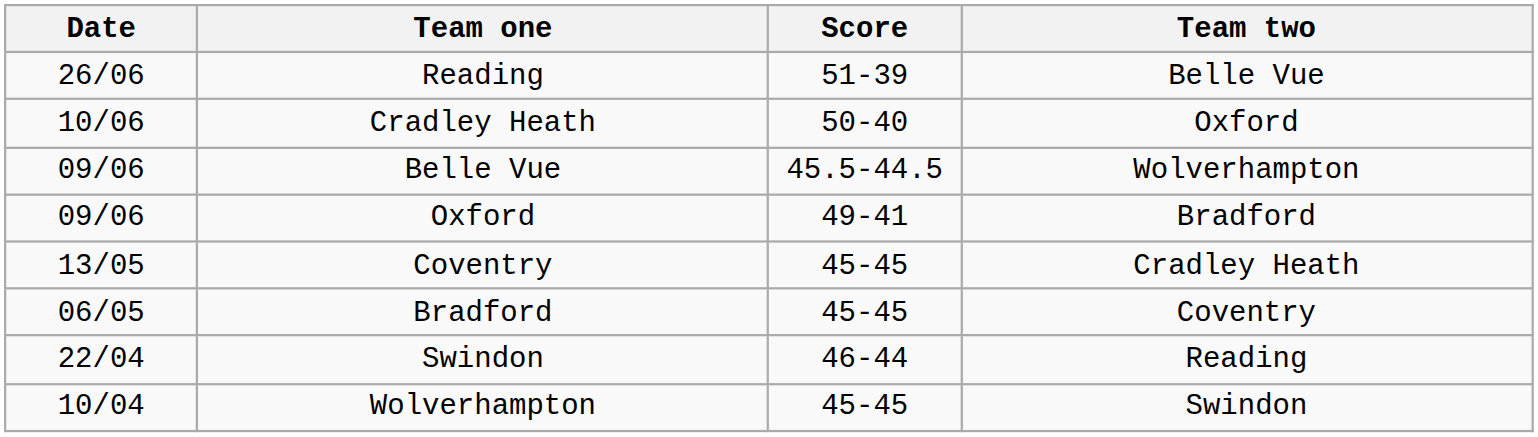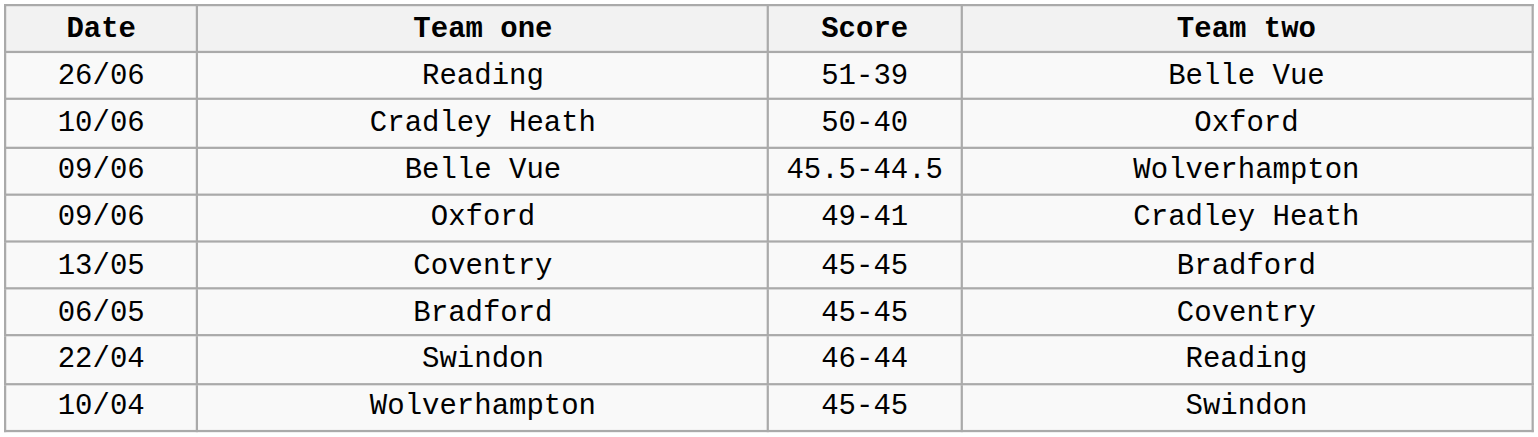 <table class="wikitable" style="text-align: center">
 <tr>
 <th width=80>Date</th>
 <th width=250>Team one</th>
 <th width=80>Score</th>
 <th width=250>Team two</th>
 </tr>
 <tr>
 <td>26/06</td>
 <td>Reading</td>
 <td>51-39</td>
 <td>Belle Vue</td>
 </tr>
 <tr>
 <td>10/06</td>
 <td>Cradley Heath</td>
 <td>50-40</td>
 <td>Oxford</td>
 </tr>
 <tr>
 <td>09/06</td>
 <td>Belle Vue</td>
 <td>45.5-44.5</td>
 <td>Wolverhampton</td>
 </tr>
 <tr>
 <td>09/06</td>
 <td>Oxford</td>
 <td>49-41</td>
-<td>Bradford</td>
+<td>Cradley Heath</td>
 </tr>
 <tr>
 <td>13/05</td>
 <td>Coventry</td>
 <td>45-45</td>
-<td>Cradley Heath</td>
+<td>Bradford</td>
 </tr>
 <tr>
 <td>06/05</td>
 <td>Bradford</td>
 <td>45-45</td>
 <td>Coventry</td>
 </tr>
 <tr>
 <td>22/04</td>
 <td>Swindon</td>
 <td>46-44</td>
 <td>Reading</td>
 </tr>
 <tr>
 <td>10/04</td>
 <td>Wolverhampton</td>
 <td>45-45</td>
 <td>Swindon</td>
 </tr>
 </table>
